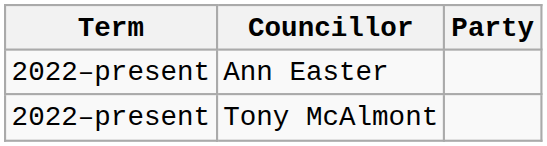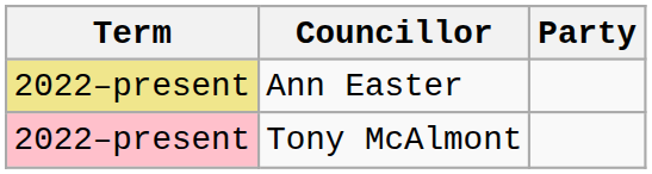 <table class="wikitable">
 <tr>
 <th>Term</th>
 <th>Councillor</th>
 <th colspan=2>Party</th>
 </tr>
 <tr>
-<td>2022–present</td>
+<td style="background: khaki;">2022–present</td>
 <td>Ann Easter</td>
 <td></td>
 </tr>
 <tr>
-<td>2022–present</td>
+<td style="background: pink;">2022–present</td>
 <td>Tony McAlmont</td>
 <td></td>
 </tr>
 </table>
